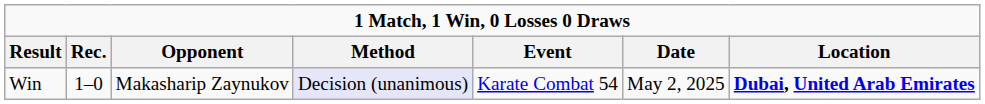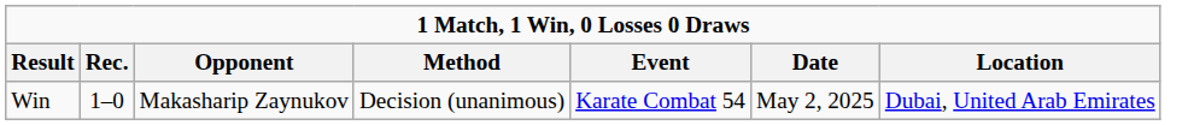 <table class="wikitable sortable" style="font-size:80%; text-align:left;">
 <tr>
 <td colspan=8 style="text-align:center;"><strong>1 Match, 1 Win, 0 Losses 0 Draws</strong></td>
 </tr>
 <tr>
 <th>Result</th>
 <th>Rec.</th>
 <th>Opponent</th>
 <th>Method</th>
 <th text-center>Event</th>
 <th>Date</th>
 <th>Location</th>
 </tr>
 <tr>
 <td>Win</td>
 <td align=center>1–0</td>
 <td> Makasharip Zaynukov</td>
-<td style="background: lavender;">Decision (unanimous)</td>
+<td>Decision (unanimous)</td>
 <td><a href='#'>Karate Combat</a> 54</td>
 <td>May 2, 2025</td>
-<td><strong> <a href='#'>Dubai</a>, <a href='#'>United Arab Emirates</a></strong></td>
+<td> <a href='#'>Dubai</a>, <a href='#'>United Arab Emirates</a></td>
 </tr>
 </table>
